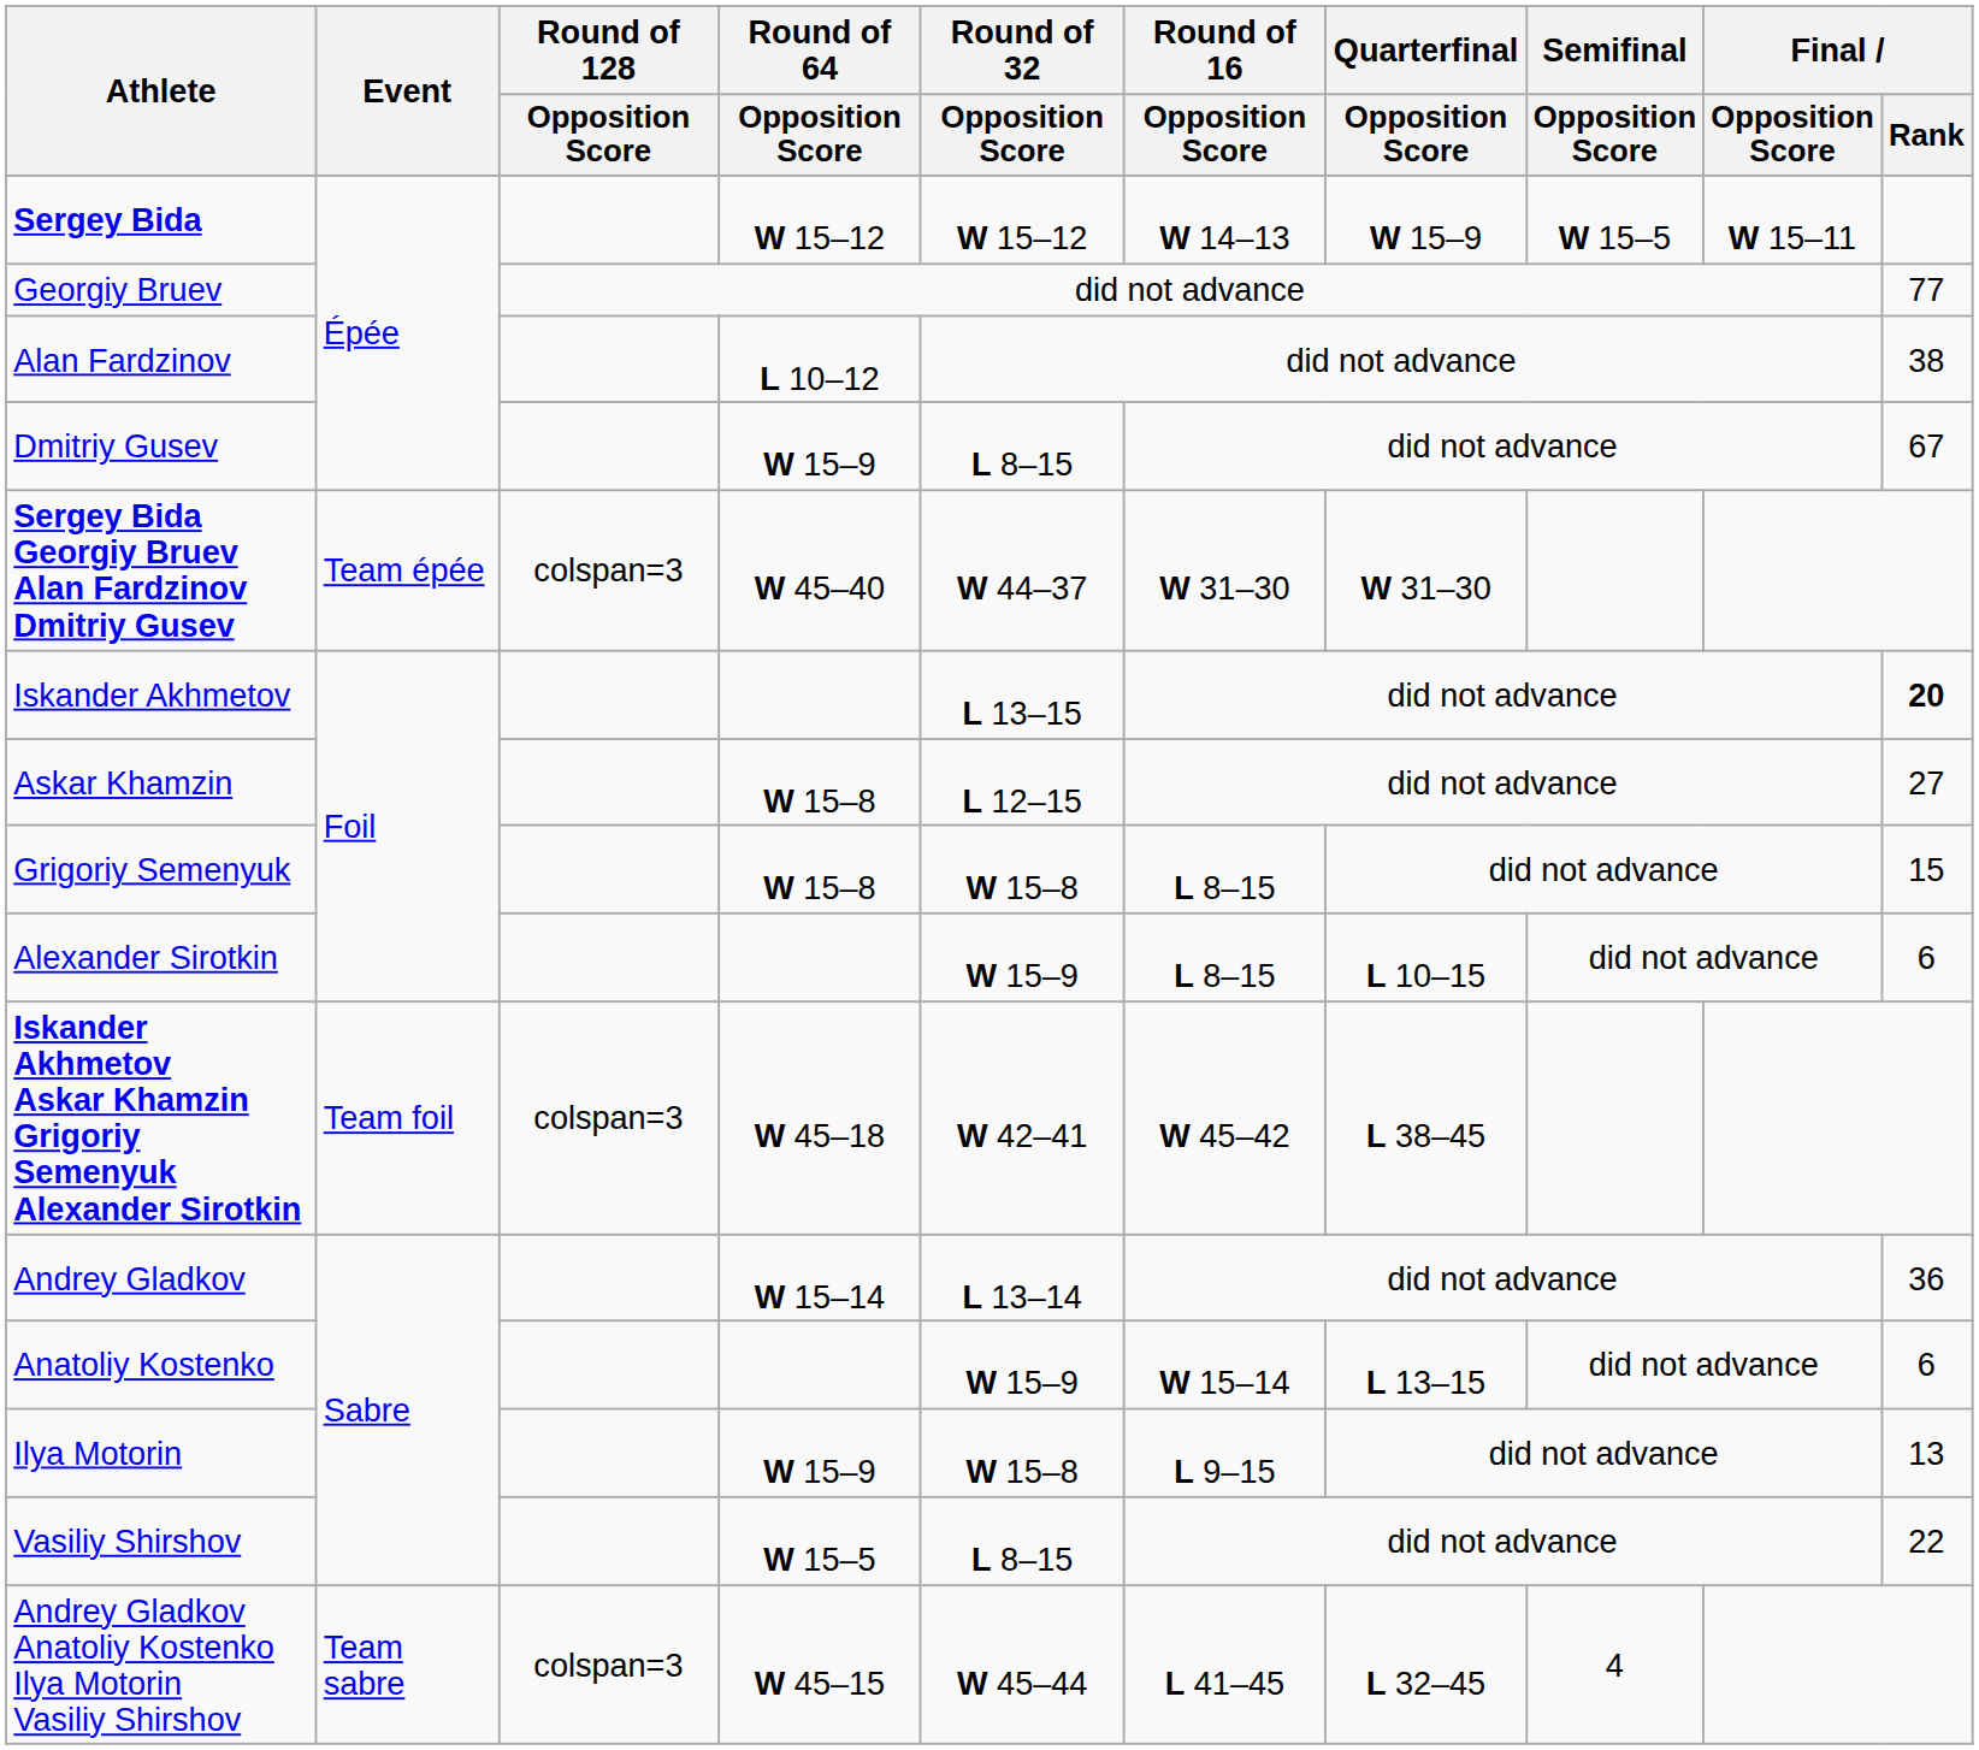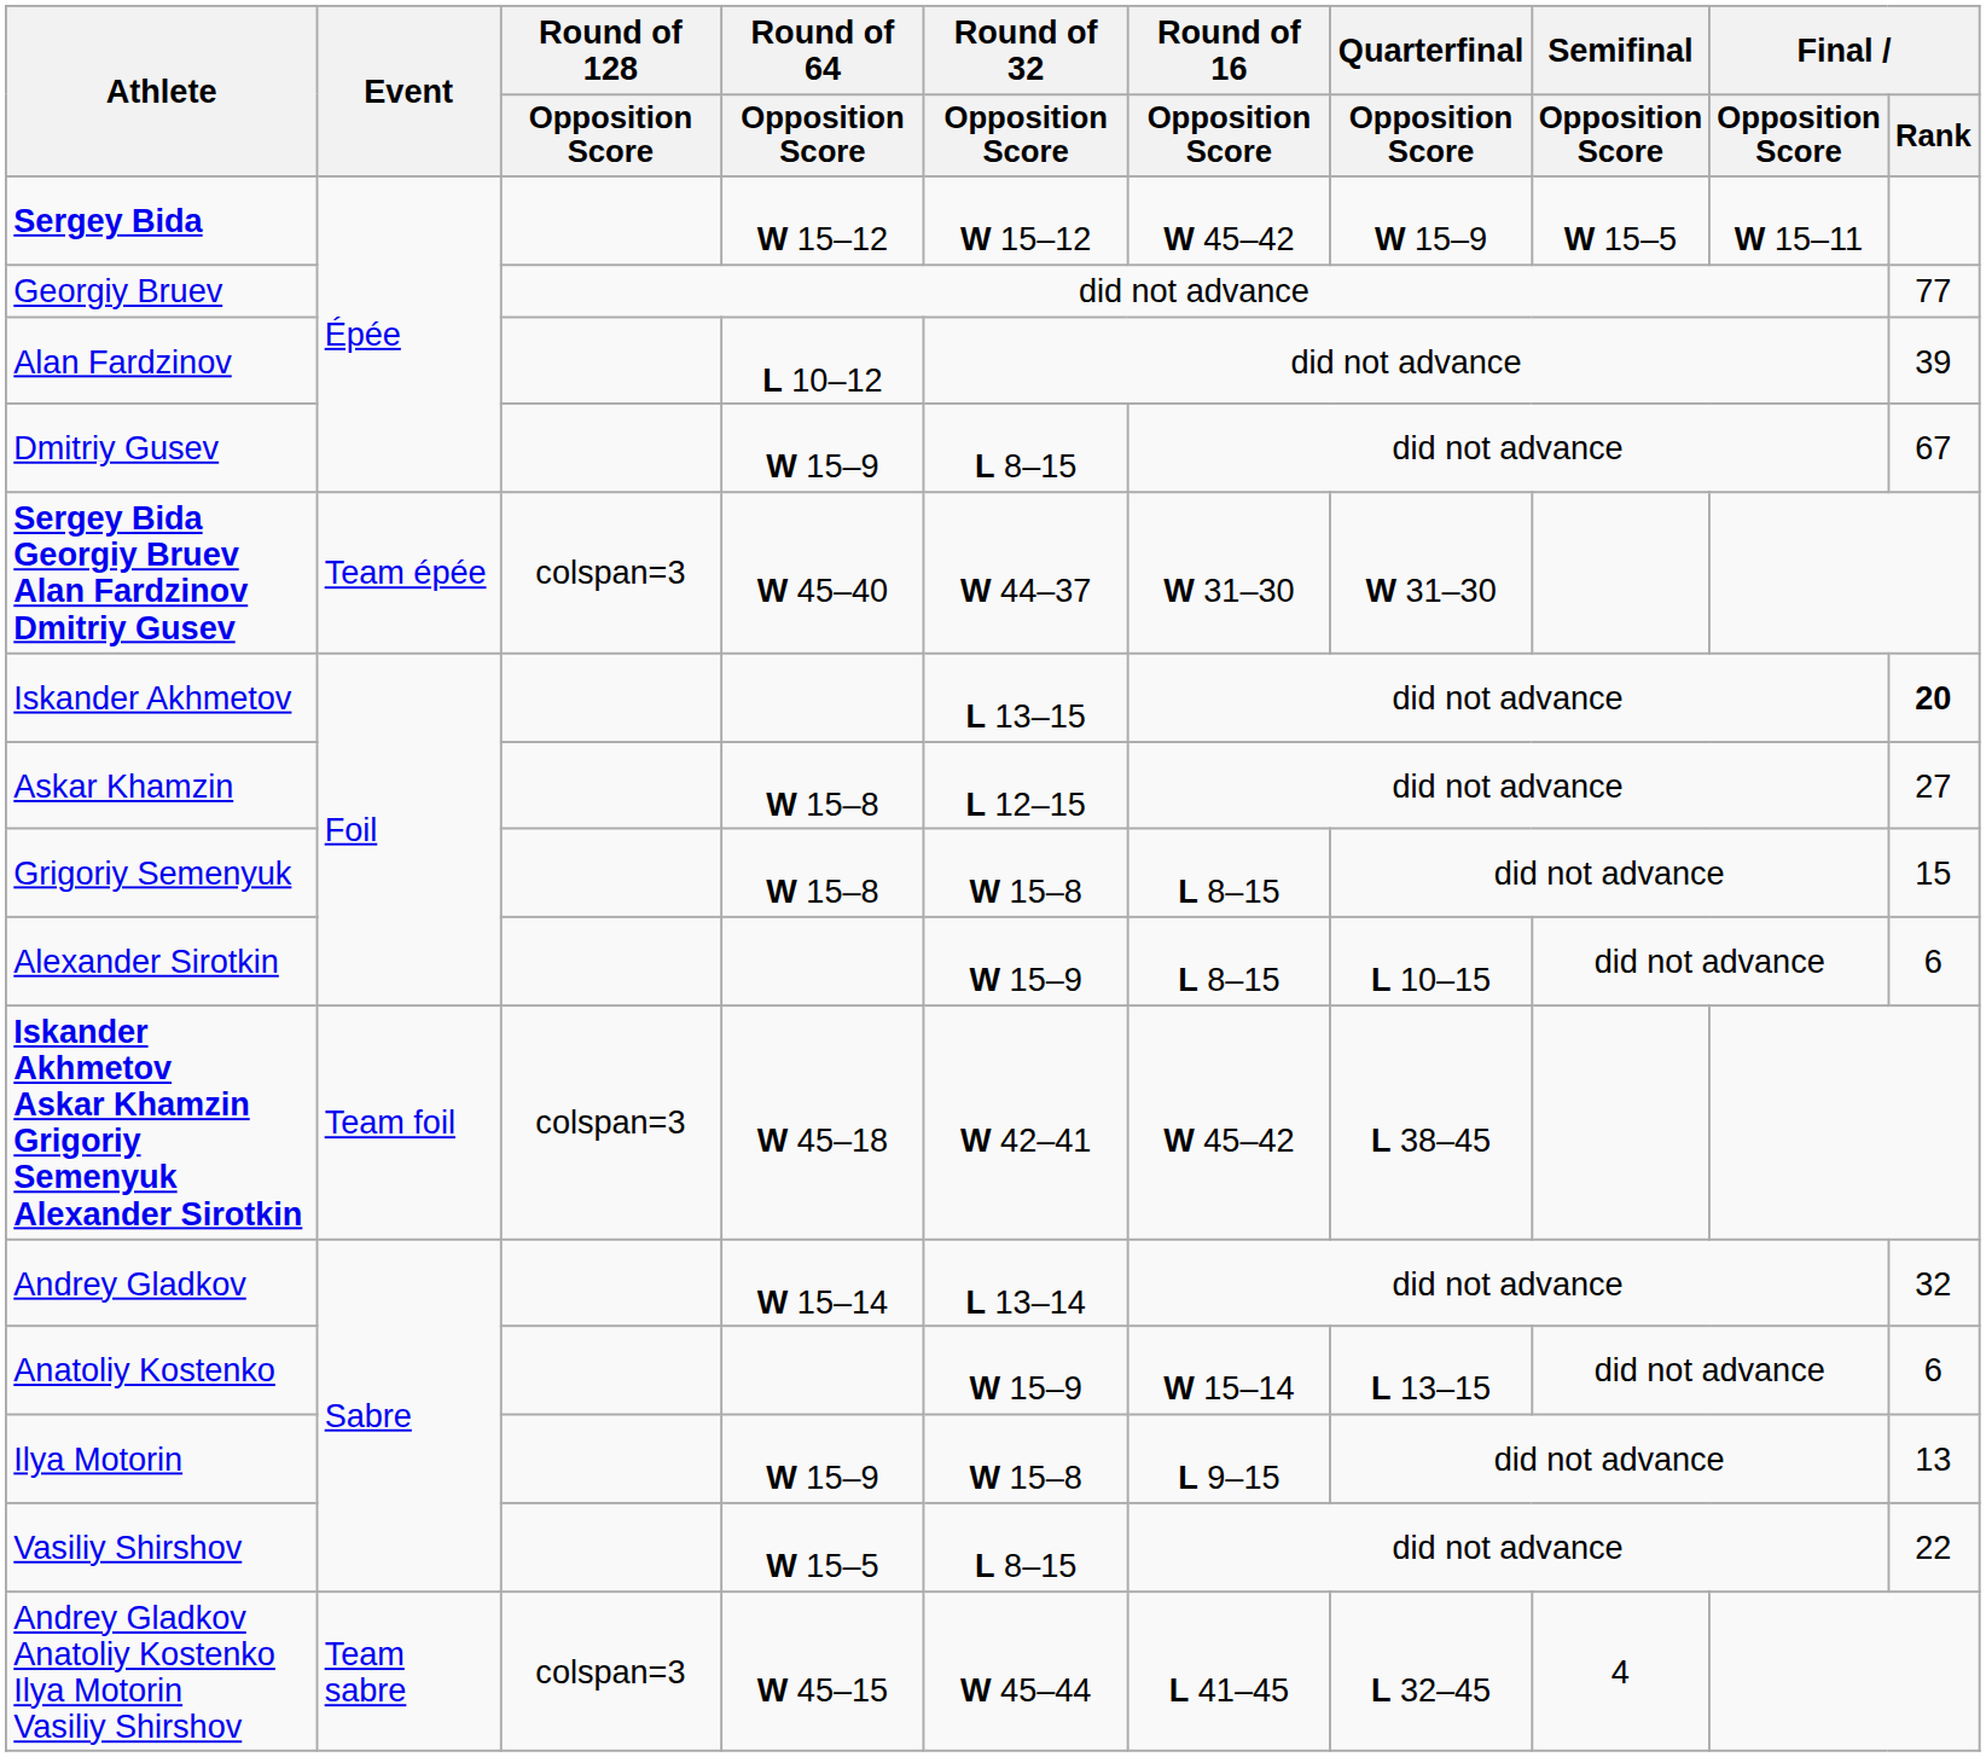 <table class="wikitable" style="text-align:center; font-size:90%">
 <tr>
 <th rowspan=2>Athlete</th>
 <th rowspan=2>Event</th>
 <th>Round of 128</th>
 <th>Round of 64</th>
 <th>Round of 32</th>
 <th>Round of 16</th>
 <th>Quarterfinal</th>
 <th>Semifinal</th>
 <th colspan=2>Final / </th>
 </tr>
 <tr style="font-size:95%">
 <th>Opposition<br>Score</th>
 <th>Opposition<br>Score</th>
 <th>Opposition<br>Score</th>
 <th>Opposition<br>Score</th>
 <th>Opposition<br>Score</th>
 <th>Opposition<br>Score</th>
 <th>Opposition<br>Score</th>
 <th>Rank</th>
 </tr>
 <tr>
 <td align=left><strong><a href='#'>Sergey Bida</a></strong></td>
 <td align=left rowspan=4><a href='#'>Épée</a></td>
 <td></td>
 <td><br><strong>W</strong> 15–12</td>
 <td><br><strong>W</strong> 15–12</td>
-<td><br><strong>W</strong> 14–13</td>
+<td><br><strong>W</strong> 45–42</td>
 <td><br><strong>W</strong> 15–9</td>
 <td><br><strong>W</strong> 15–5</td>
 <td><br><strong>W</strong> 15–11</td>
 <td></td>
 </tr>
 <tr>
 <td align=left><a href='#'>Georgiy Bruev</a></td>
 <td colspan=7>did not advance</td>
 <td>77</td>
 </tr>
 <tr>
 <td align=left><a href='#'>Alan Fardzinov</a></td>
 <td></td>
 <td><br><strong>L</strong> 10–12</td>
 <td colspan=5>did not advance</td>
-<td>38</td>
+<td>39</td>
 </tr>
 <tr>
 <td align=left><a href='#'>Dmitriy Gusev</a></td>
 <td></td>
 <td><br><strong>W</strong> 15–9</td>
 <td><br><strong>L</strong> 8–15</td>
 <td colspan=4>did not advance</td>
 <td>67</td>
 </tr>
 <tr align=center>
 <td align=left><strong><a href='#'>Sergey Bida</a><br><a href='#'>Georgiy Bruev</a><br><a href='#'>Alan Fardzinov</a><br><a href='#'>Dmitriy Gusev</a></strong></td>
 <td align=left><a href='#'>Team épée</a></td>
 <td>colspan=3 </td>
 <td><br><strong>W</strong> 45–40</td>
 <td><br><strong>W</strong> 44–37</td>
 <td><br><strong>W</strong> 31–30</td>
 <td><br><strong>W</strong> 31–30</td>
 <td></td>
 </tr>
 <tr>
 <td align=left><a href='#'>Iskander Akhmetov</a></td>
 <td align=left rowspan=4><a href='#'>Foil</a></td>
 <td></td>
 <td></td>
 <td><br><strong>L</strong> 13–15</td>
 <td colspan=4>did not advance</td>
 <td><strong>20</strong></td>
 </tr>
 <tr>
 <td align=left><a href='#'>Askar Khamzin</a></td>
 <td></td>
 <td><br><strong>W</strong> 15–8</td>
 <td><br><strong>L</strong> 12–15</td>
 <td colspan=4>did not advance</td>
 <td>27</td>
 </tr>
 <tr>
 <td align=left><a href='#'>Grigoriy Semenyuk</a></td>
 <td></td>
 <td><br><strong>W</strong> 15–8</td>
 <td><br><strong>W</strong> 15–8</td>
 <td><br><strong>L</strong> 8–15</td>
 <td colspan=3>did not advance</td>
 <td>15</td>
 </tr>
 <tr>
 <td align=left><a href='#'>Alexander Sirotkin</a></td>
 <td></td>
 <td></td>
 <td><br><strong>W</strong> 15–9</td>
 <td><br><strong>L</strong> 8–15</td>
 <td><br><strong>L</strong> 10–15</td>
 <td colspan=2>did not advance</td>
 <td>6</td>
 </tr>
 <tr align=center>
 <td align=left><strong><a href='#'>Iskander Akhmetov</a><br><a href='#'>Askar Khamzin</a><br><a href='#'>Grigoriy Semenyuk</a><br><a href='#'>Alexander Sirotkin</a></strong></td>
 <td align=left><a href='#'>Team foil</a></td>
 <td>colspan=3 </td>
 <td><br><strong>W</strong> 45–18</td>
 <td><br><strong>W</strong> 42–41</td>
 <td><br><strong>W</strong> 45–42</td>
 <td><br><strong>L</strong> 38–45</td>
 <td></td>
 </tr>
 <tr>
 <td align=left><a href='#'>Andrey Gladkov</a></td>
 <td align=left rowspan=4><a href='#'>Sabre</a></td>
 <td></td>
 <td><br><strong>W</strong> 15–14</td>
 <td><br><strong>L</strong> 13–14</td>
 <td colspan=4>did not advance</td>
-<td>36</td>
+<td>32</td>
 </tr>
 <tr>
 <td align=left><a href='#'>Anatoliy Kostenko</a></td>
 <td></td>
 <td></td>
 <td><br><strong>W</strong> 15–9</td>
 <td><br><strong>W</strong> 15–14</td>
 <td><br><strong>L</strong> 13–15</td>
 <td colspan=2>did not advance</td>
 <td>6</td>
 </tr>
 <tr>
 <td align=left><a href='#'>Ilya Motorin</a></td>
 <td></td>
 <td><br><strong>W</strong> 15–9</td>
 <td><br><strong>W</strong> 15–8</td>
 <td><br><strong>L</strong>  9–15</td>
 <td colspan=3>did not advance</td>
 <td>13</td>
 </tr>
 <tr>
 <td align=left><a href='#'>Vasiliy Shirshov</a></td>
 <td></td>
 <td><br><strong>W</strong> 15–5</td>
 <td><br><strong>L</strong> 8–15</td>
 <td colspan=4>did not advance</td>
 <td>22</td>
 </tr>
 <tr align=center>
 <td align=left><a href='#'>Andrey Gladkov</a><br><a href='#'>Anatoliy Kostenko</a><br><a href='#'>Ilya Motorin</a><br><a href='#'>Vasiliy Shirshov</a></td>
 <td align=left><a href='#'>Team sabre</a></td>
 <td>colspan=3 </td>
 <td><br><strong>W</strong> 45–15</td>
 <td><br><strong>W</strong> 45–44</td>
 <td><br><strong>L</strong> 41–45</td>
 <td><br><strong>L</strong> 32–45</td>
 <td>4</td>
 </tr>
 </table>
